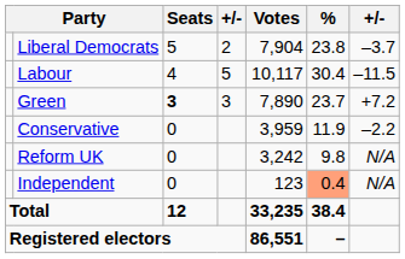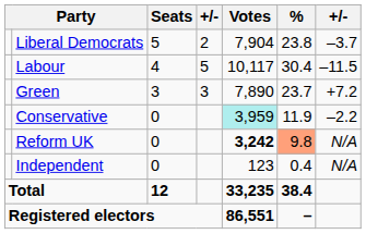 <table class="wikitable sortable">
 <tr>
 <th colspan="2">Party</th>
 <th>Seats</th>
 <th>+/-</th>
 <th>Votes</th>
 <th>%</th>
 <th>+/-</th>
 </tr>
 <tr>
 <td style="background-color: "></td>
 <td><a href='#'>Liberal Democrats</a></td>
 <td>5</td>
 <td> 2</td>
 <td style="text-align:right;">7,904</td>
 <td style="text-align:right;">23.8</td>
 <td style="text-align:right;">–3.7</td>
 </tr>
 <tr>
 <td style="background-color: "></td>
 <td><a href='#'>Labour</a></td>
 <td>4</td>
 <td> 5</td>
 <td style="text-align:right;">10,117</td>
 <td style="text-align:right;">30.4</td>
 <td style="text-align:right;">–11.5</td>
 </tr>
 <tr>
 <td style="background-color: "></td>
 <td><a href='#'>Green</a></td>
-<td><strong>3</strong></td>
+<td>3</td>
 <td> 3</td>
 <td style="text-align:right;">7,890</td>
 <td style="text-align:right;">23.7</td>
 <td style="text-align:right;">+7.2</td>
 </tr>
 <tr>
 <td style="background-color: "></td>
 <td><a href='#'>Conservative</a></td>
 <td>0</td>
 <td></td>
-<td style="text-align:right;">3,959</td>
+<td style="background: paleturquoise; text-align:right;">3,959</td>
 <td style="text-align:right;">11.9</td>
 <td style="text-align:right;">–2.2</td>
 </tr>
 <tr>
 <td style="background-color: "></td>
 <td><a href='#'>Reform UK</a></td>
 <td>0</td>
 <td></td>
-<td style="text-align:right;">3,242</td>
-<td style="text-align:right;">9.8</td>
+<td style="text-align:right;"><strong>3,242</strong></td>
+<td style="background: lightsalmon; text-align:right;">9.8</td>
 <td style="text-align:right;"><em>N/A</em></td>
 </tr>
 <tr>
 <td style="background-color: "></td>
 <td><a href='#'>Independent</a></td>
 <td>0</td>
 <td></td>
 <td style="text-align:right;">123</td>
-<td style="background: lightsalmon; text-align:right;">0.4</td>
+<td style="text-align:right;">0.4</td>
 <td style="text-align:right;"><em>N/A</em></td>
 </tr>
 <tr>
 <td colspan="2"><strong>Total</strong></td>
 <td><strong>12</strong></td>
 <td></td>
 <td style="text-align:right;"><strong>33,235</strong></td>
 <td style="text-align:right;"><strong>38.4</strong></td>
 <td style="text-align:right;"></td>
 </tr>
 <tr>
 <td colspan="4"><strong>Registered electors</strong></td>
 <td style="text-align:right;"><strong>86,551</strong></td>
 <td style="text-align:right;"><strong>–</strong></td>
 <td style="text-align:right;"></td>
 </tr>
 </table>
